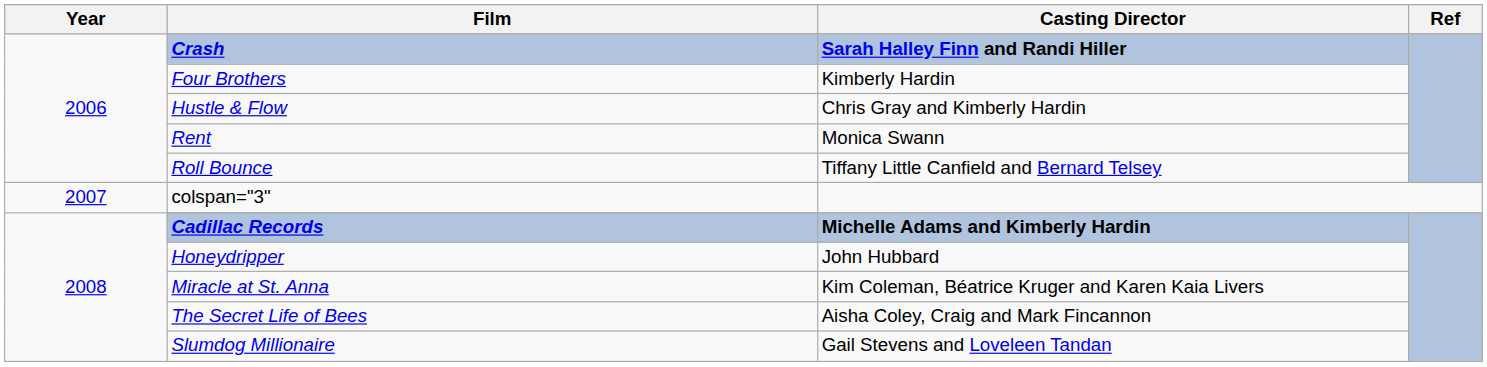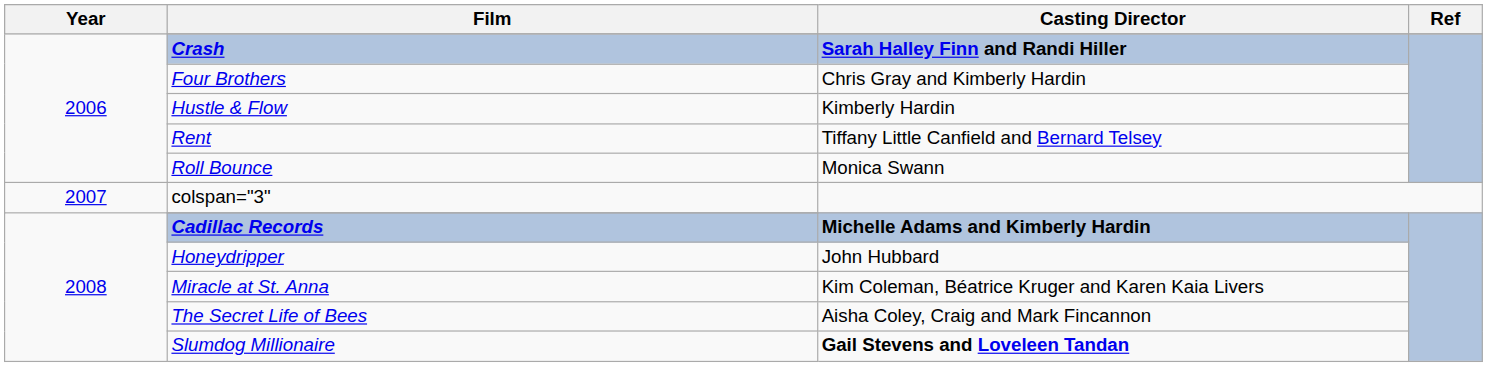 <table class="wikitable" style="width:100%;">
 <tr style="background:#bebebe;">
 <th style="width:11%;">Year</th>
 <th style="width:44%;">Film</th>
 <th style="width:40%;">Casting Director</th>
 <th style="width:5%;">Ref</th>
 </tr>
 <tr>
 <td rowspan="6" align="center"><a href='#'>2006</a></td>
 </tr>
 <tr style="background:#B0C4DE">
 <td><strong><em><a href='#'>Crash</a></em></strong></td>
 <td><strong><a href='#'>Sarah Halley Finn</a> and Randi Hiller</strong></td>
 <td rowspan="5" align="center"></td>
 </tr>
 <tr>
 <td><em><a href='#'>Four Brothers</a></em></td>
+<td>Chris Gray and Kimberly Hardin</td>
+</tr>
+<tr>
+<td><em><a href='#'>Hustle & Flow</a></em></td>
 <td>Kimberly Hardin</td>
 </tr>
 <tr>
-<td><em><a href='#'>Hustle & Flow</a></em></td>
-<td>Chris Gray and Kimberly Hardin</td>
-</tr>
-<tr>
 <td><em><a href='#'>Rent</a></em></td>
-<td>Monica Swann</td>
+<td>Tiffany Little Canfield and <a href='#'>Bernard Telsey</a></td>
 </tr>
 <tr>
 <td><em><a href='#'>Roll Bounce</a></em></td>
-<td>Tiffany Little Canfield and <a href='#'>Bernard Telsey</a></td>
+<td>Monica Swann</td>
 </tr>
 <tr>
 <td align="center"><a href='#'>2007</a></td>
 <td>colspan="3" </td>
 </tr>
 <tr>
 <td rowspan="6" align="center"><a href='#'>2008</a></td>
 </tr>
 <tr style="background:#B0C4DE">
 <td><strong><em><a href='#'>Cadillac Records</a></em></strong></td>
 <td><strong>Michelle Adams and Kimberly Hardin</strong></td>
 <td rowspan="6" align="center"></td>
 </tr>
 <tr>
 <td><em><a href='#'>Honeydripper</a></em></td>
 <td>John Hubbard</td>
 </tr>
 <tr>
 <td><em><a href='#'>Miracle at St. Anna</a></em></td>
 <td>Kim Coleman, Béatrice Kruger and Karen Kaia Livers</td>
 </tr>
 <tr>
 <td><em><a href='#'>The Secret Life of Bees</a></em></td>
 <td>Aisha Coley, Craig and Mark Fincannon</td>
 </tr>
 <tr>
 <td><em><a href='#'>Slumdog Millionaire</a></em></td>
-<td>Gail Stevens and <a href='#'>Loveleen Tandan</a></td>
+<td><strong>Gail Stevens and <a href='#'>Loveleen Tandan</a></strong></td>
 </tr>
 </table>
